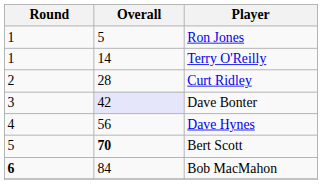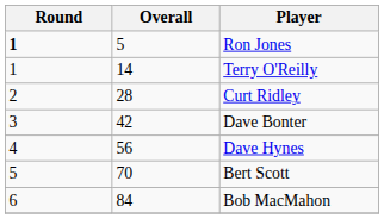 <table class="wikitable sortable sortable">
 <tr>
 <th bgcolor="#DDDDFF" width="20.75%">Round</th>
 <th bgcolor="#DDDDFF" width="20.75%">Overall</th>
 <th bgcolor="#DDDDFF" width="30.75%">Player</th>
 </tr>
 <tr>
-<td>1</td>
+<td><strong>1</strong></td>
 <td>5</td>
 <td><a href='#'>Ron Jones</a></td>
 </tr>
 <tr>
 <td>1</td>
 <td>14</td>
 <td><a href='#'>Terry O'Reilly</a></td>
 </tr>
 <tr>
 <td>2</td>
 <td>28</td>
 <td><a href='#'>Curt Ridley</a></td>
 </tr>
 <tr>
 <td>3</td>
-<td style="background: lavender;">42</td>
+<td>42</td>
 <td>Dave Bonter</td>
 </tr>
 <tr>
 <td>4</td>
 <td>56</td>
 <td><a href='#'>Dave Hynes</a></td>
 </tr>
 <tr>
 <td>5</td>
-<td><strong>70</strong></td>
+<td>70</td>
 <td>Bert Scott</td>
 </tr>
 <tr>
-<td><strong>6</strong></td>
+<td>6</td>
 <td>84</td>
 <td>Bob MacMahon</td>
 </tr>
 <tr>
 </tr>
 </table>
